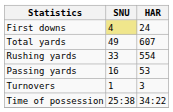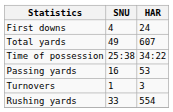 <table class="wikitable" style="float: left;">
 <tr>
 <th>Statistics</th>
 <th>SNU</th>
 <th>HAR</th>
 </tr>
 <tr>
 <td>First downs</td>
-<td style="background: khaki;">4</td>
+<td>4</td>
 <td>24</td>
 </tr>
 <tr>
 <td>Total yards</td>
 <td>49</td>
 <td>607</td>
 </tr>
 <tr>
-<td>Rushing yards</td>
-<td>33</td>
-<td>554</td>
+<td>Time of possession</td>
+<td>25:38</td>
+<td>34:22</td>
 </tr>
 <tr>
 <td>Passing yards</td>
 <td>16</td>
 <td>53</td>
 </tr>
 <tr>
 <td>Turnovers</td>
 <td>1</td>
 <td>3</td>
 </tr>
 <tr>
-<td>Time of possession</td>
-<td>25:38</td>
-<td>34:22</td>
+<td>Rushing yards</td>
+<td>33</td>
+<td>554</td>
 </tr>
 <tr>
 </tr>
 </table>
